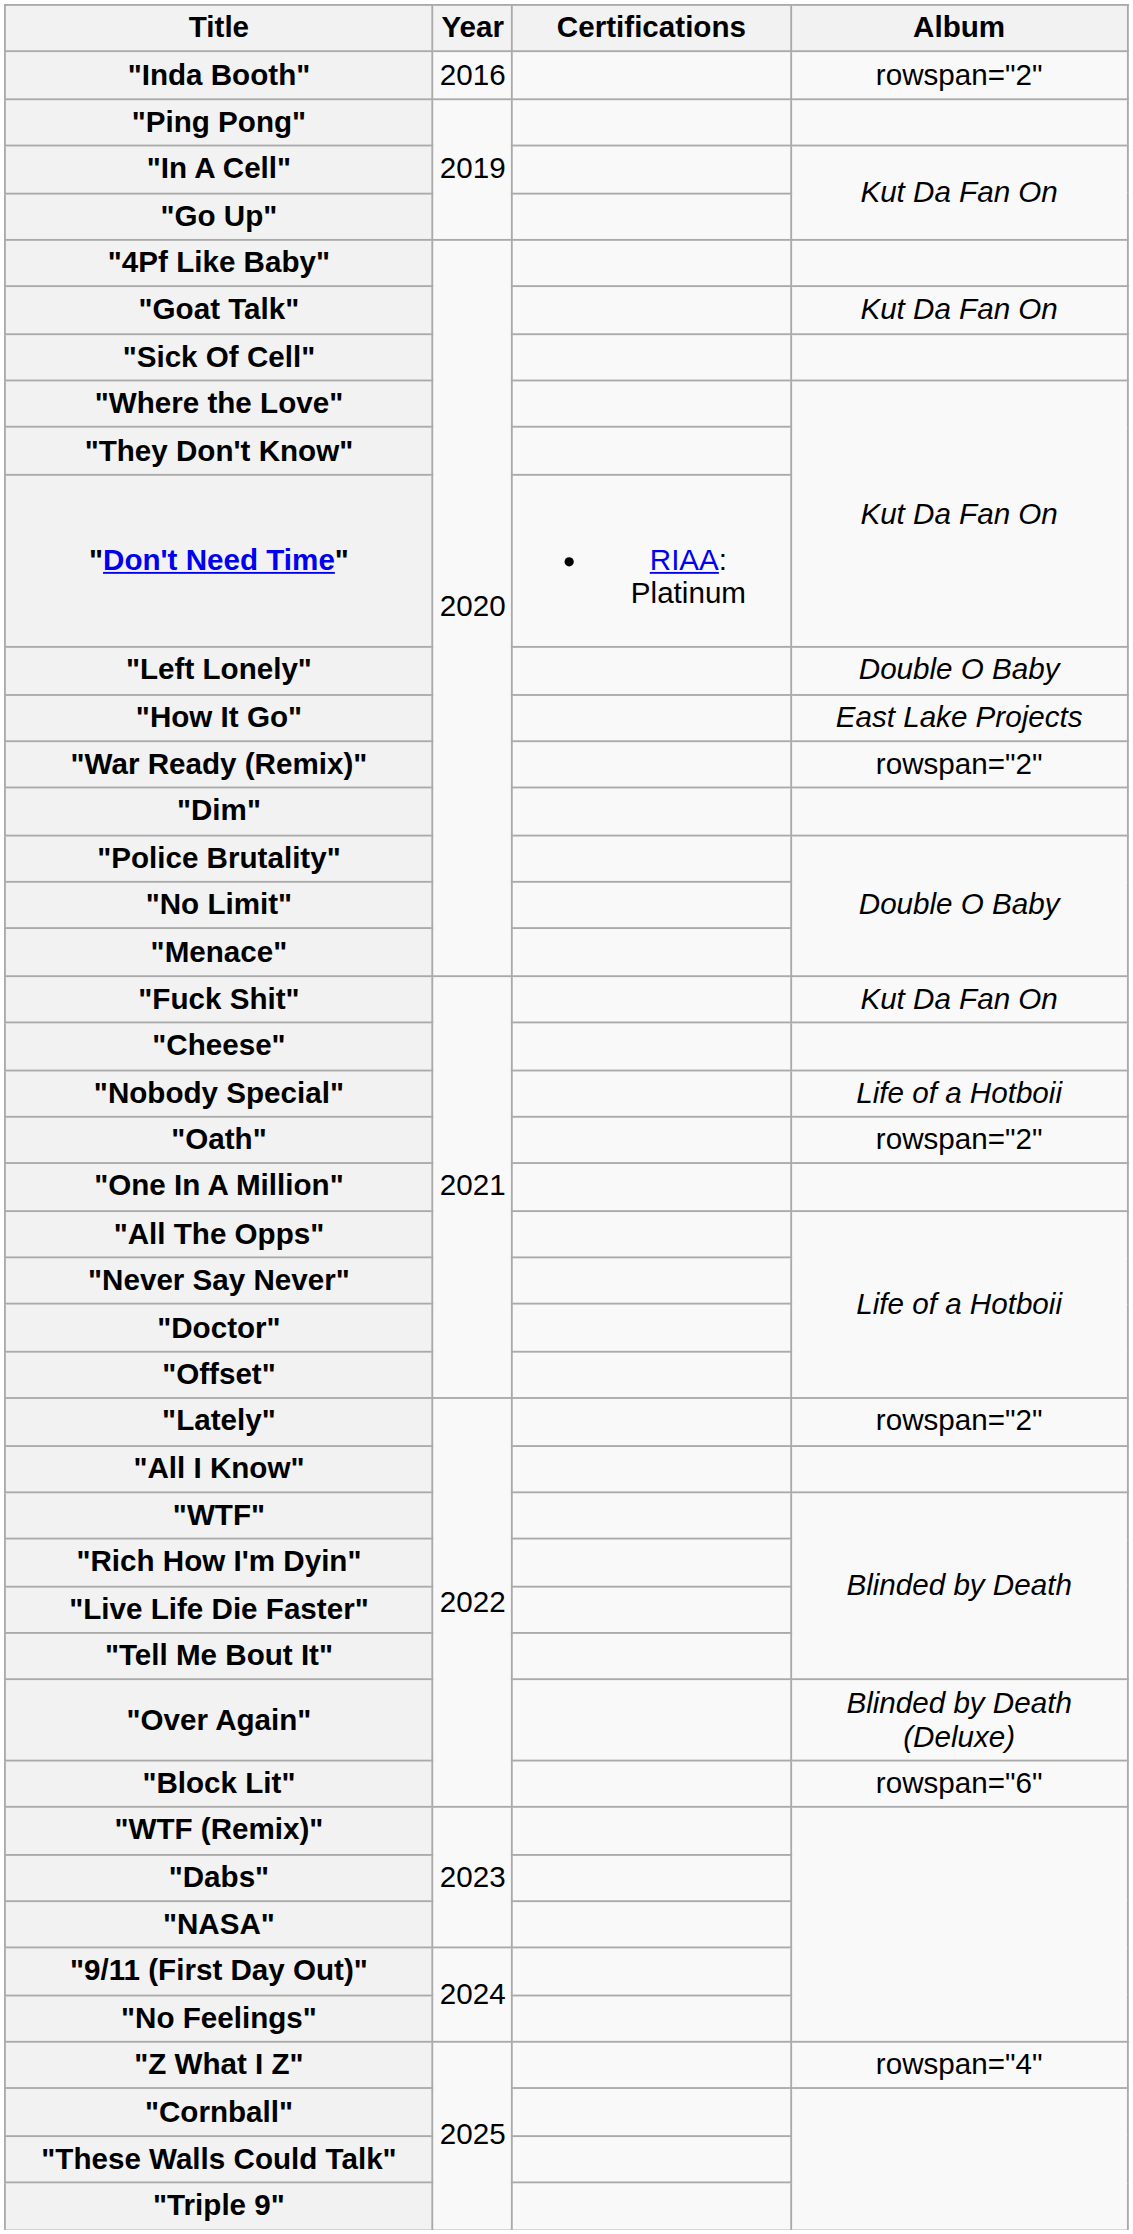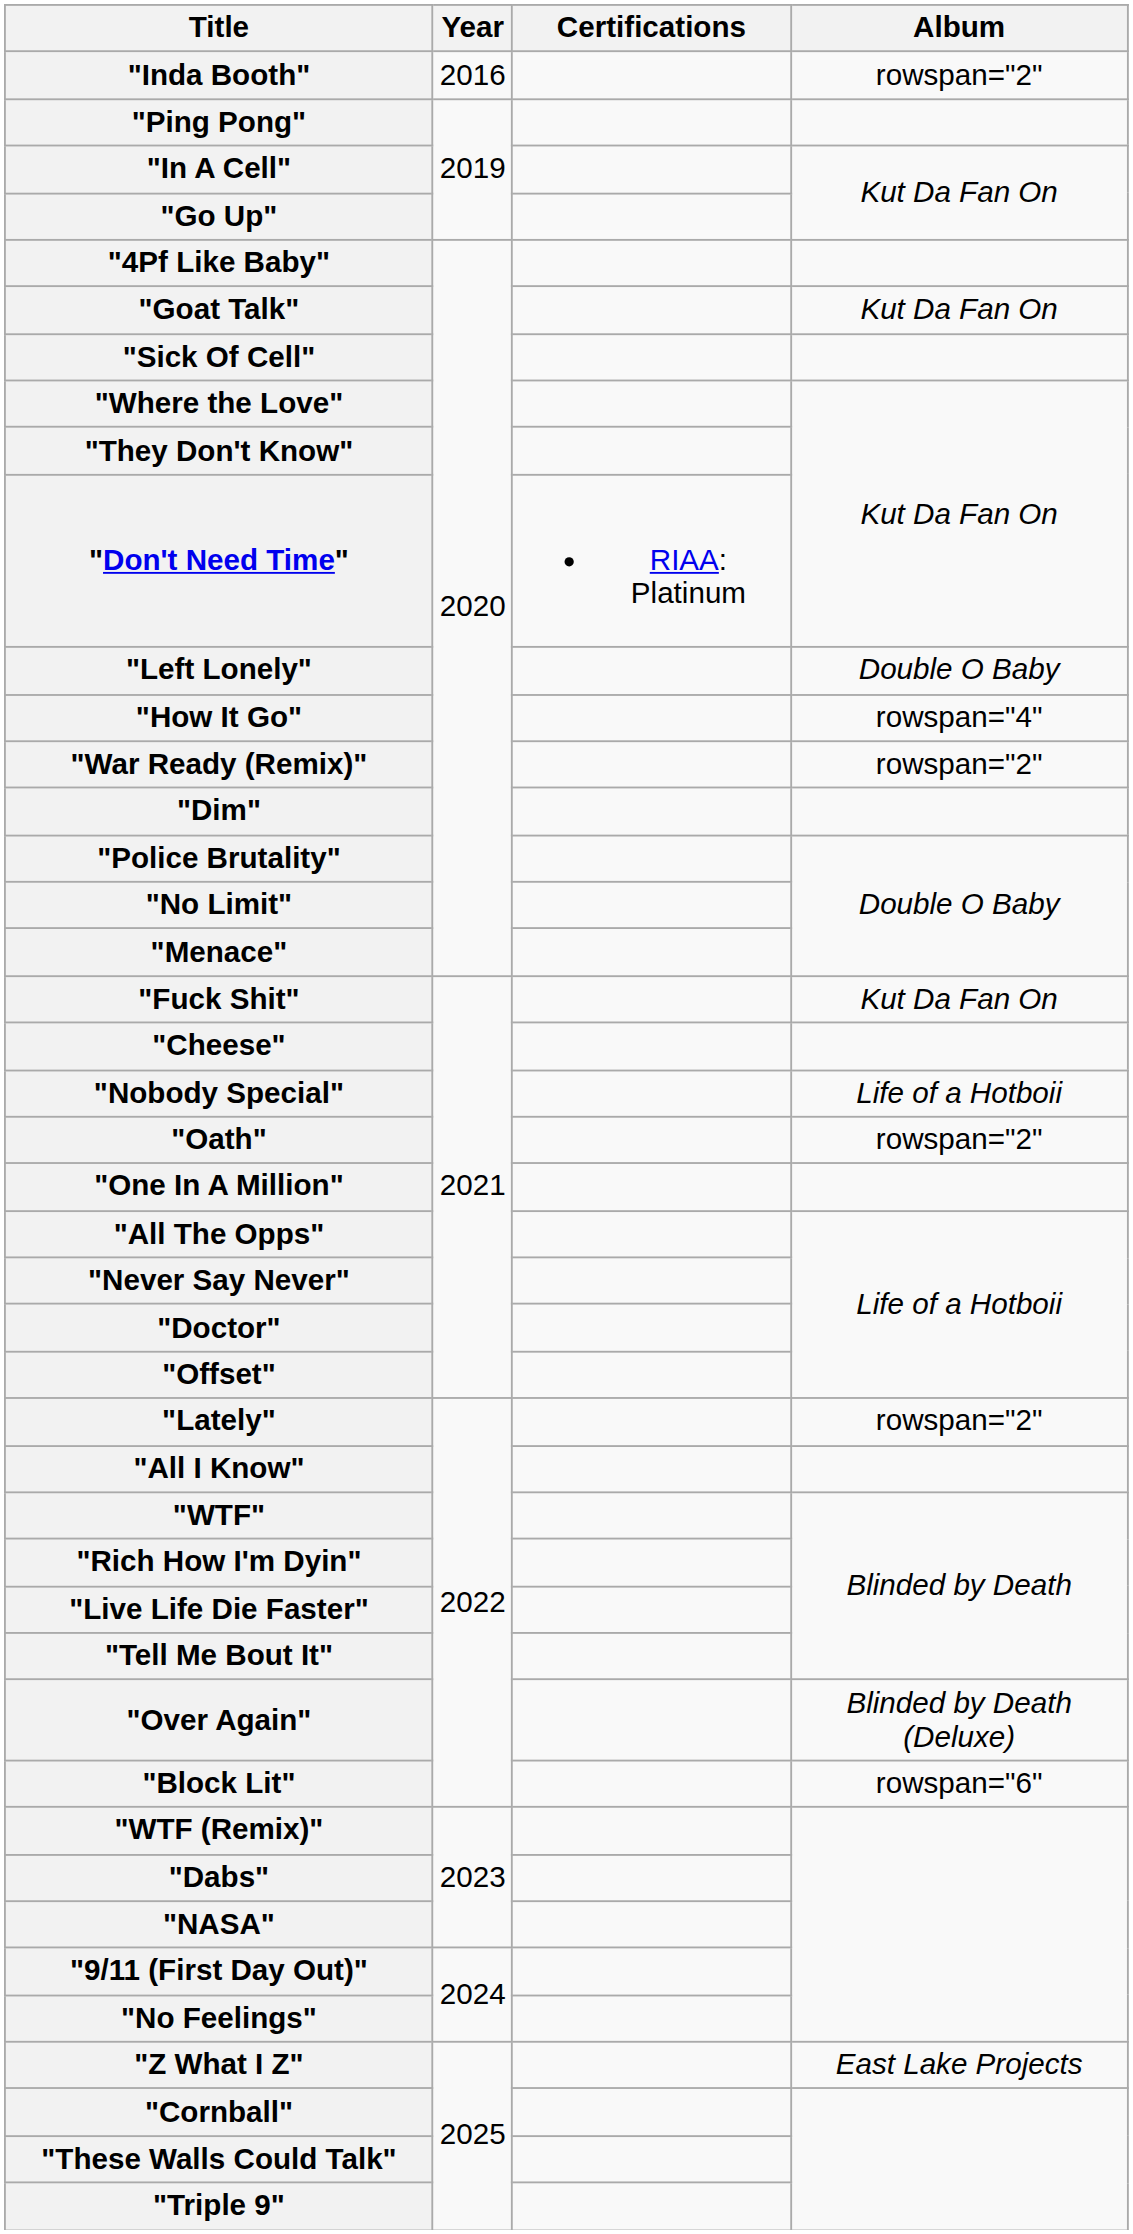 <table class="wikitable plainrowheaders" style="text-align:center;">
 <tr>
 <th scope="col" style="width:14em;">Title</th>
 <th scope="col">Year</th>
 <th scope="col">Certifications</th>
 <th scope="col">Album</th>
 </tr>
 <tr>
 <th scope="row">"Inda Booth"</th>
 <td>2016</td>
 <td></td>
 <td>rowspan="2" </td>
 </tr>
 <tr>
 <th scope="row">"Ping Pong"<br></th>
 <td rowspan="3">2019</td>
 <td></td>
 </tr>
 <tr>
 <th scope="row">"In A Cell"</th>
 <td></td>
 <td rowspan="2"><em>Kut Da Fan On</em></td>
 </tr>
 <tr>
 <th scope="row">"Go Up"</th>
 <td></td>
 </tr>
 <tr>
 <th scope="row">"4Pf Like Baby"<br></th>
 <td rowspan="13">2020</td>
 <td></td>
 <td></td>
 </tr>
 <tr>
 <th scope="row">"Goat Talk"<br></th>
 <td></td>
 <td><em>Kut Da Fan On</em></td>
 </tr>
 <tr>
 <th scope="row">"Sick Of Cell"<br></th>
 <td></td>
 <td></td>
 </tr>
 <tr>
 <th scope="row">"Where the Love"<br></th>
 <td></td>
 <td rowspan="3"><em>Kut Da Fan On</em></td>
 </tr>
 <tr>
 <th scope="row">"They Don't Know"</th>
 <td></td>
 </tr>
 <tr>
 <th scope="row">"<a href='#'>Don't Need Time</a>"<br></th>
 <td><br><ul><li><a href='#'>RIAA</a>: Platinum</li></ul></td>
 </tr>
 <tr>
 <th scope="row">"Left Lonely"</th>
 <td></td>
 <td><em>Double O Baby</em></td>
 </tr>
 <tr>
 <th scope="row">"How It Go"<br></th>
 <td></td>
-<td><em>East Lake Projects</em></td>
+<td>rowspan="4" </td>
 </tr>
 <tr>
 <th scope="row">"War Ready (Remix)"<br></th>
 <td></td>
 <td>rowspan="2" </td>
 </tr>
 <tr>
 <th scope="row">"Dim"</th>
 <td></td>
 </tr>
 <tr>
 <th scope="row">"Police Brutality"</th>
 <td></td>
 <td rowspan="3"><em>Double O Baby</em></td>
 </tr>
 <tr>
 <th scope="row">"No Limit"</th>
 <td></td>
 </tr>
 <tr>
 <th scope="row">"Menace"</th>
 <td></td>
 </tr>
 <tr>
 <th scope="row">"Fuck Shit"</th>
 <td rowspan="9">2021</td>
 <td></td>
 <td><em>Kut Da Fan On</em></td>
 </tr>
 <tr>
 <th scope="row">"Cheese"<br></th>
 <td></td>
 </tr>
 <tr>
 <th scope="row">"Nobody Special"<br></th>
 <td></td>
 <td><em>Life of a Hotboii</em></td>
 </tr>
 <tr>
 <th scope="row">"Oath"</th>
 <td></td>
 <td>rowspan="2" </td>
 </tr>
 <tr>
 <th scope="row">"One In A Million"</th>
 <td></td>
 </tr>
 <tr>
 <th scope="row">"All The Opps"</th>
 <td></td>
 <td rowspan="4"><em>Life of a Hotboii</em></td>
 </tr>
 <tr>
 <th scope="row">"Never Say Never"</th>
 <td></td>
 </tr>
 <tr>
 <th scope="row">"Doctor"<br></th>
 <td></td>
 </tr>
 <tr>
 <th scope="row">"Offset"</th>
 <td></td>
 </tr>
 <tr>
 <th scope="row">"Lately"</th>
 <td rowspan="8">2022</td>
 <td></td>
 <td>rowspan="2" </td>
 </tr>
 <tr>
 <th scope="row">"All I Know"</th>
 <td></td>
 </tr>
 <tr>
 <th scope="row">"WTF"</th>
 <td></td>
 <td rowspan="4"><em>Blinded by Death</em></td>
 </tr>
 <tr>
 <th scope="row">"Rich How I'm Dyin"</th>
 <td></td>
 </tr>
 <tr>
 <th scope="row">"Live Life Die Faster"<br></th>
 <td></td>
 </tr>
 <tr>
 <th scope="row">"Tell Me Bout It"</th>
 <td></td>
 </tr>
 <tr>
 <th scope="row">"Over Again"</th>
 <td></td>
 <td><em>Blinded by Death (Deluxe)</em></td>
 </tr>
 <tr>
 <th scope="row">"Block Lit"<br></th>
 <td></td>
 <td>rowspan="6" </td>
 </tr>
 <tr>
 <th scope="row">"WTF (Remix)"<br></th>
 <td rowspan="3">2023</td>
 <td></td>
 </tr>
 <tr>
 <th scope="row">"Dabs"<br></th>
 <td></td>
 </tr>
 <tr>
 <th scope="row">"NASA"<br></th>
 <td></td>
 </tr>
 <tr>
 <th scope="row">"9/11 (First Day Out)"</th>
 <td rowspan="2">2024</td>
 <td></td>
 </tr>
 <tr>
 <th scope="row">"No Feelings"</th>
 <td></td>
 </tr>
 <tr>
 <th scope="row">"Z What I Z"</th>
 <td rowspan="4">2025</td>
 <td></td>
-<td>rowspan="4" </td>
+<td><em>East Lake Projects</em></td>
 </tr>
 <tr>
 <th scope="row">"Cornball"</th>
 <td></td>
 </tr>
 <tr>
 <th scope="row">"These Walls Could Talk"</th>
 <td></td>
 </tr>
 <tr>
 <th scope="row">"Triple 9"</th>
 <td></td>
 </tr>
 </table>
